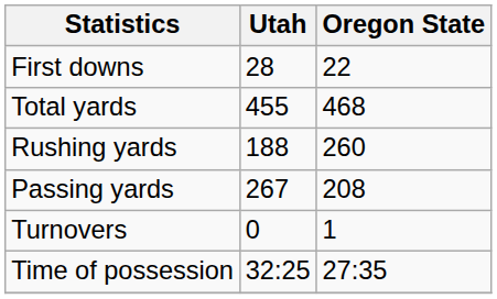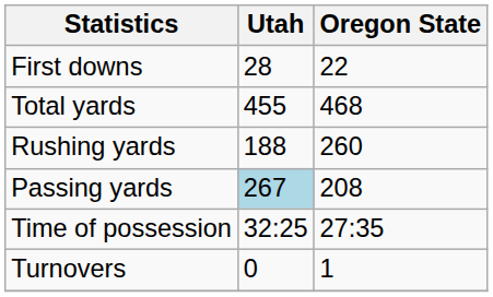 <table class="wikitable">
 <tr>
 <th>Statistics</th>
 <th>Utah</th>
 <th>Oregon State</th>
 </tr>
 <tr>
 <td>First downs</td>
 <td>28</td>
 <td>22</td>
 </tr>
 <tr>
 <td>Total yards</td>
 <td>455</td>
 <td>468</td>
 </tr>
 <tr>
 <td>Rushing yards</td>
 <td>188</td>
 <td>260</td>
 </tr>
 <tr>
 <td>Passing yards</td>
-<td>267</td>
+<td style="background: lightblue;">267</td>
 <td>208</td>
+</tr>
+<tr>
+<td>Time of possession</td>
+<td>32:25</td>
+<td>27:35</td>
 </tr>
 <tr>
 <td>Turnovers</td>
 <td>0</td>
 <td>1</td>
 </tr>
 <tr>
-<td>Time of possession</td>
-<td>32:25</td>
-<td>27:35</td>
-</tr>
-<tr>
 </tr>
 </table>
